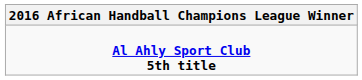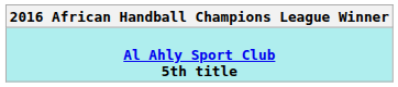 <table class=wikitable style="text-align:center; margin:auto">
 <tr>
 <th>2016 African Handball Champions League Winner</th>
 </tr>
 <tr>
-<td><br><strong><a href='#'>Al Ahly Sport Club</a></strong><br><strong>5th title</strong></td>
+<td style="background: paleturquoise;"><br><strong><a href='#'>Al Ahly Sport Club</a></strong><br><strong>5th title</strong></td>
 </tr>
 </table>
